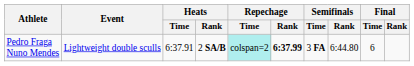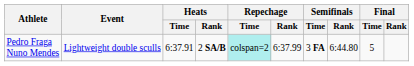 <table class="wikitable" style="font-size:90%">
 <tr>
 <th rowspan="2">Athlete</th>
 <th rowspan="2">Event</th>
 <th colspan="2">Heats</th>
 <th colspan="2">Repechage</th>
 <th colspan="2">Semifinals</th>
 <th colspan="2">Final</th>
 </tr>
 <tr style="font-size:95%">
 <th>Time</th>
 <th>Rank</th>
 <th>Time</th>
 <th>Rank</th>
 <th>Time</th>
 <th>Rank</th>
 <th>Time</th>
 <th>Rank</th>
 </tr>
 <tr align=center>
 <td align=left><a href='#'>Pedro Fraga</a><br><a href='#'>Nuno Mendes</a></td>
 <td align=left><a href='#'>Lightweight double sculls</a></td>
 <td>6:37.91</td>
 <td>2 <strong>SA/B</strong></td>
 <td style="background: paleturquoise;">colspan=2 </td>
-<td><strong>6:37.99</strong></td>
+<td>6:37.99</td>
 <td>3 <strong>FA</strong></td>
 <td>6:44.80</td>
-<td>6</td>
+<td>5</td>
 </tr>
 </table>
